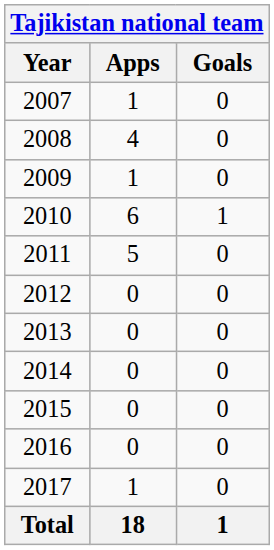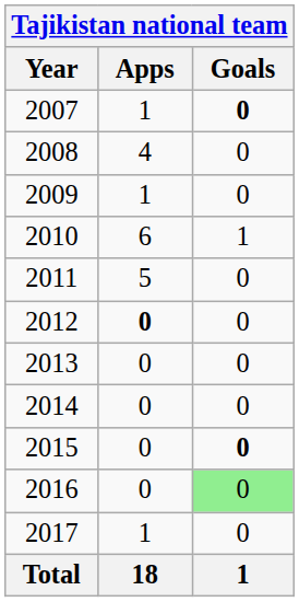 <table class="wikitable" style="text-align:center">
 <tr>
 <th colspan=3><a href='#'>Tajikistan national team</a></th>
 </tr>
 <tr>
 <th>Year</th>
 <th>Apps</th>
 <th>Goals</th>
 </tr>
 <tr>
 <td>2007</td>
 <td>1</td>
-<td>0</td>
+<td><strong>0</strong></td>
 </tr>
 <tr>
 <td>2008</td>
 <td>4</td>
 <td>0</td>
 </tr>
 <tr>
 <td>2009</td>
 <td>1</td>
 <td>0</td>
 </tr>
 <tr>
 <td>2010</td>
 <td>6</td>
 <td>1</td>
 </tr>
 <tr>
 <td>2011</td>
 <td>5</td>
 <td>0</td>
 </tr>
 <tr>
 <td>2012</td>
-<td>0</td>
+<td><strong>0</strong></td>
 <td>0</td>
 </tr>
 <tr>
 <td>2013</td>
 <td>0</td>
 <td>0</td>
 </tr>
 <tr>
 <td>2014</td>
 <td>0</td>
 <td>0</td>
 </tr>
 <tr>
 <td>2015</td>
 <td>0</td>
-<td>0</td>
+<td><strong>0</strong></td>
 </tr>
 <tr>
 <td>2016</td>
 <td>0</td>
-<td>0</td>
+<td style="background: lightgreen;">0</td>
 </tr>
 <tr>
 <td>2017</td>
 <td>1</td>
 <td>0</td>
 </tr>
 <tr>
 <th>Total</th>
 <th>18</th>
 <th>1</th>
 </tr>
 </table>
